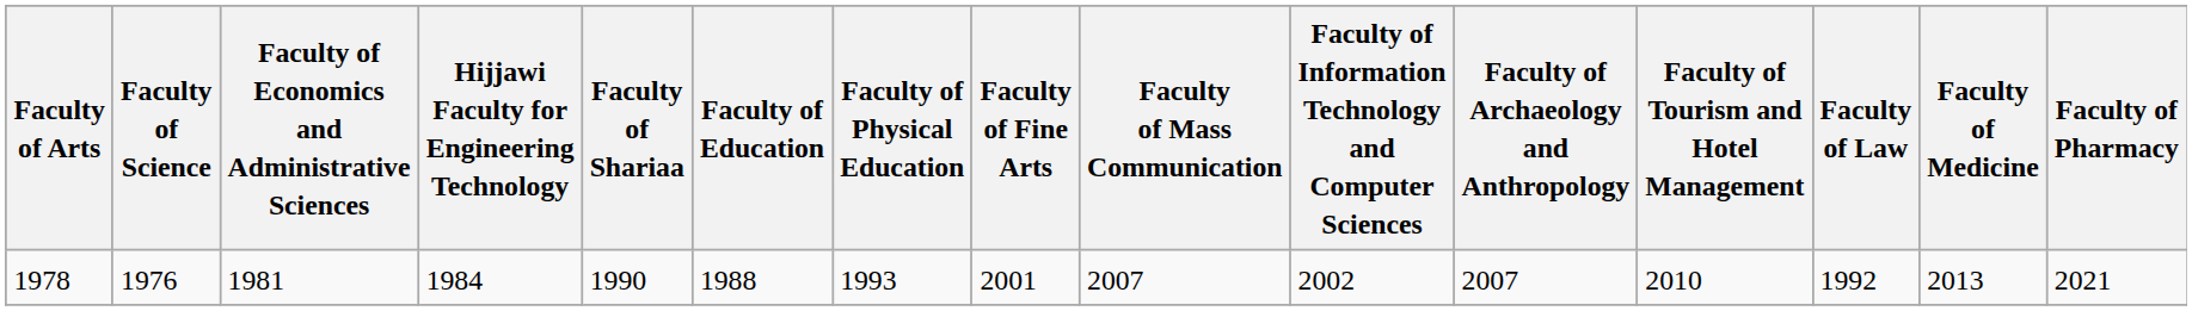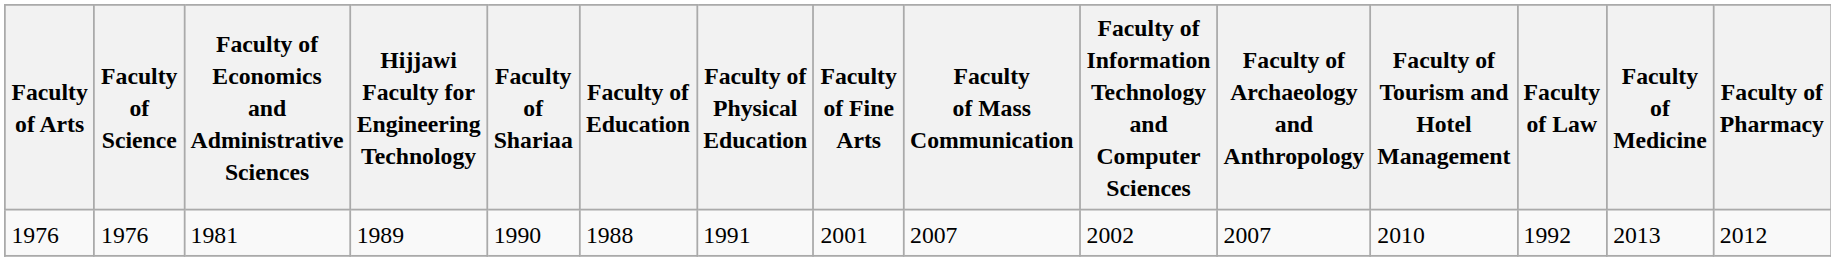 <table class="wikitable sortable">
 <tr>
 <th><small>Faculty of Arts</small></th>
 <th><small>Faculty of Science</small></th>
 <th><small>Faculty of Economics and Administrative Sciences</small></th>
 <th><small>Hijjawi Faculty for</small><br><small>Engineering Technology</small></th>
 <th><small>Faculty of Shariaa</small></th>
 <th><small>Faculty of Education</small></th>
 <th><small>Faculty of Physical</small><br><small>Education</small></th>
 <th><small>Faculty of Fine Arts</small></th>
 <th><small>Faculty</small><br><small>of Mass Communication</small></th>
 <th><small>Faculty of Information Technology and Computer Sciences</small></th>
 <th><small>Faculty of Archaeology and Anthropology</small></th>
 <th><small>Faculty of  Tourism and Hotel Management</small></th>
 <th><small>Faculty of Law</small></th>
 <th><small>Faculty of Medicine</small></th>
 <th><small>Faculty of Pharmacy</small></th>
 </tr>
 <tr>
-<td><small>1978</small></td>
+<td><small>1976</small></td>
 <td><small>1976</small></td>
 <td><small>1981</small></td>
-<td><small>1984</small></td>
+<td><small>1989</small></td>
 <td><small>1990</small></td>
 <td><small>1988</small></td>
-<td><small>1993</small></td>
+<td><small>1991</small></td>
 <td><small>2001</small></td>
 <td><small>2007</small></td>
 <td><small>2002</small></td>
 <td><small>2007</small></td>
 <td><small>2010</small></td>
 <td><small>1992</small></td>
 <td><small>2013</small></td>
-<td><small>2021</small></td>
+<td><small>2012</small></td>
 </tr>
 </table>
